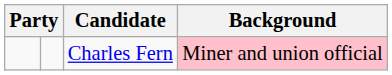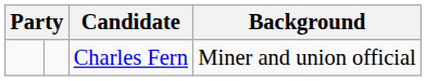 <table class="wikitable">
 <tr>
 <th colspan="2">Party</th>
 <th>Candidate</th>
 <th>Background</th>
 </tr>
 <tr>
 <td> </td>
 <td></td>
 <td><a href='#'>Charles Fern</a></td>
-<td style="background: pink;">Miner and union official</td>
+<td>Miner and union official</td>
 </tr>
 </table>
